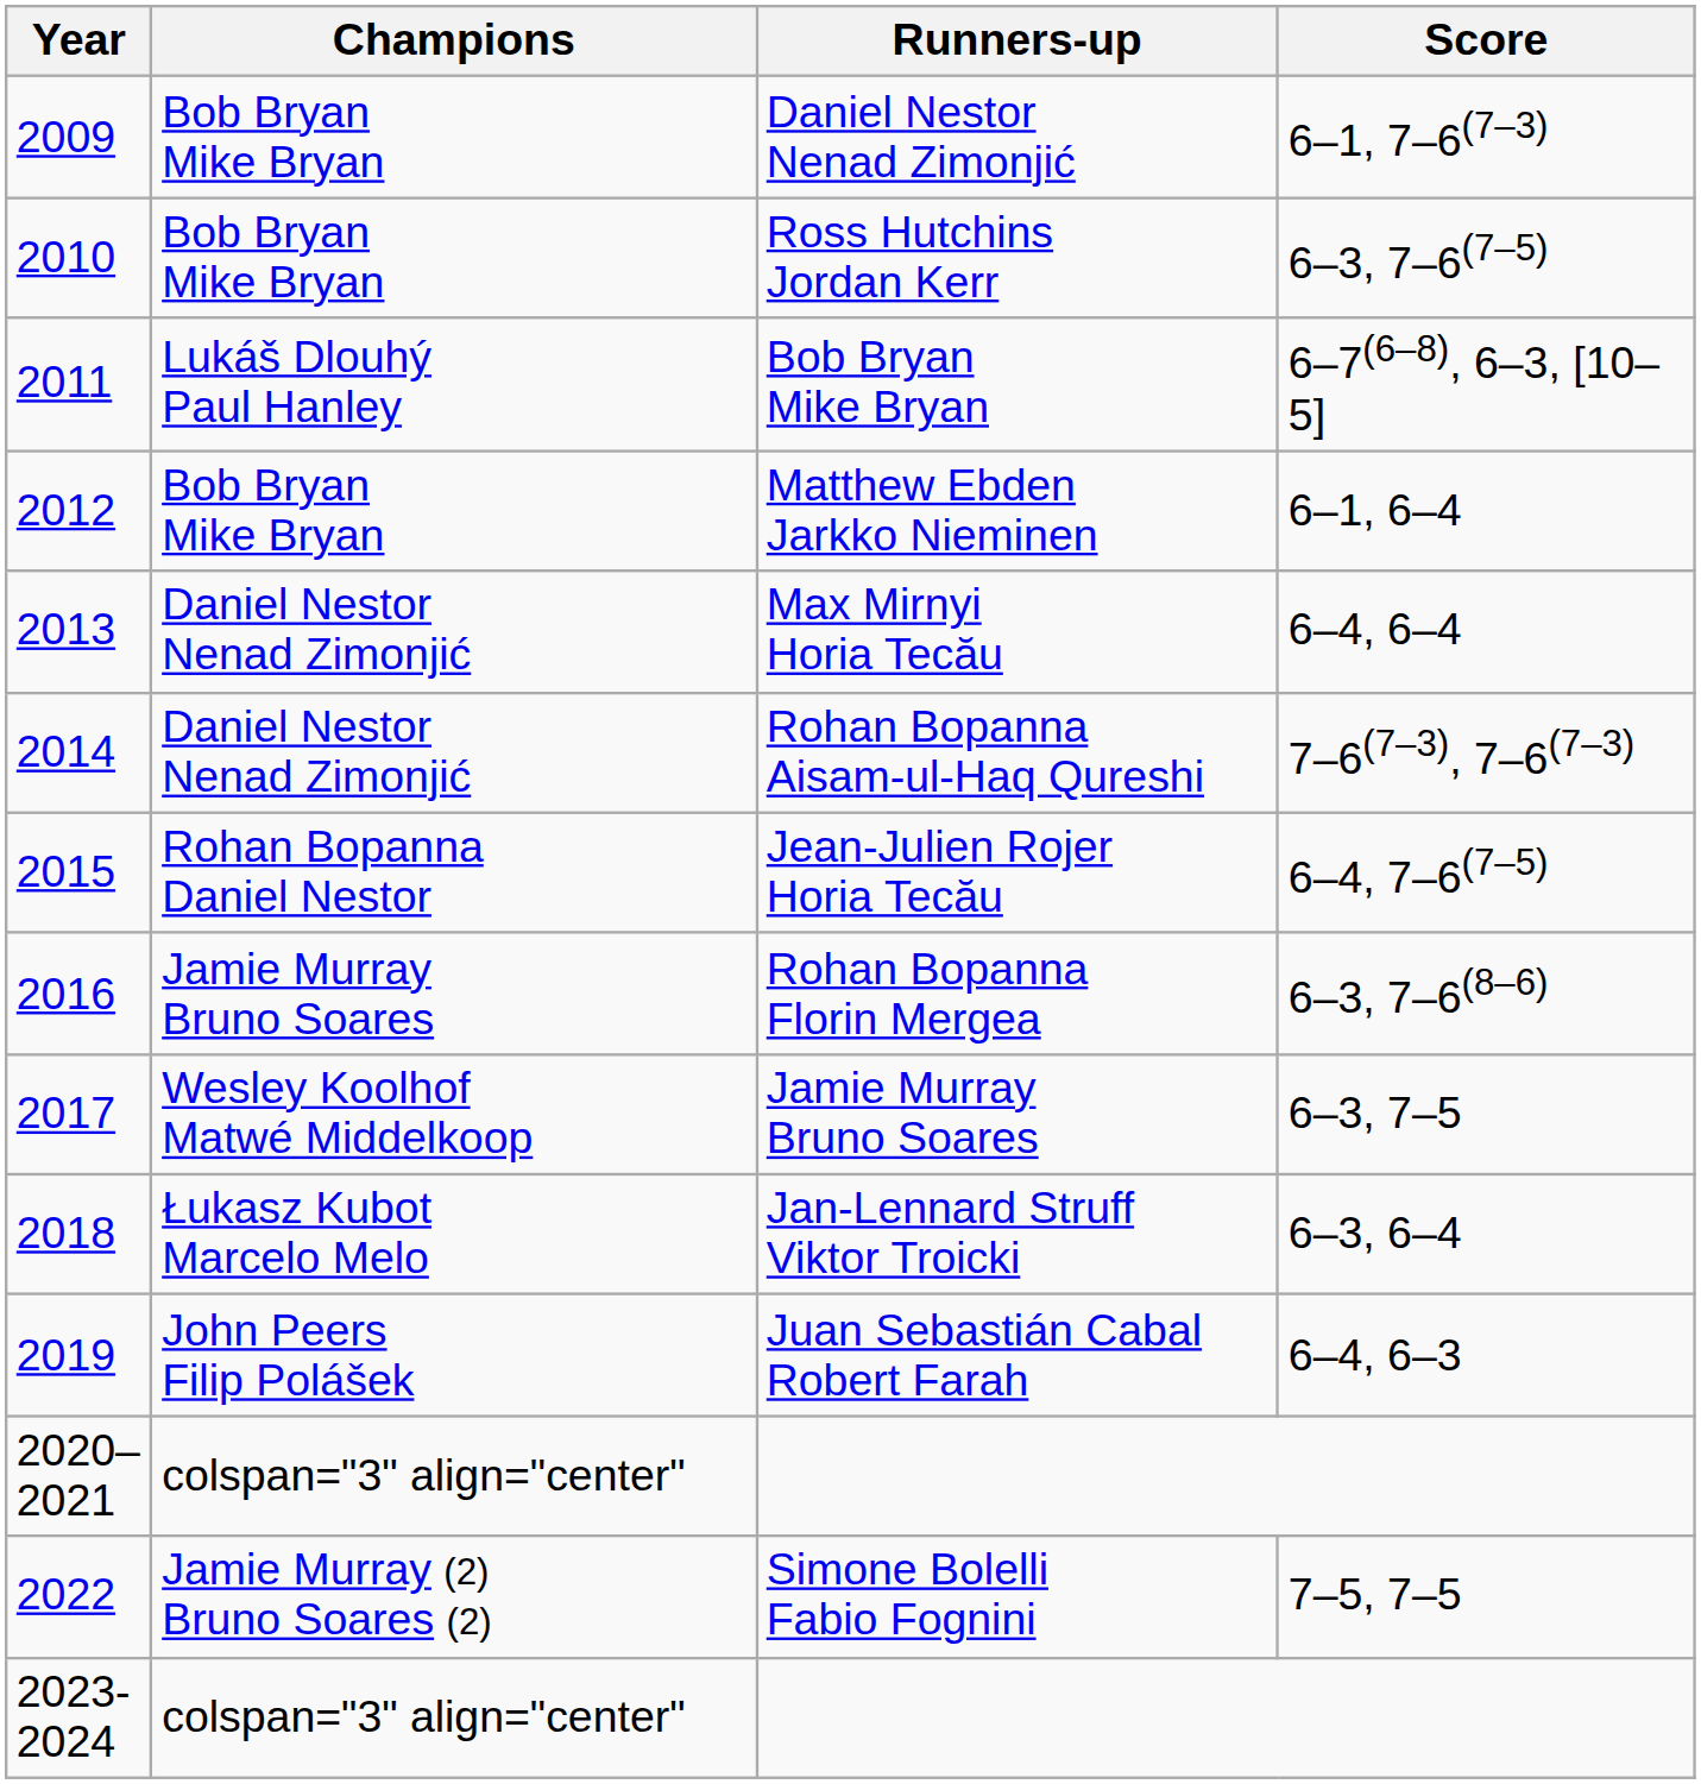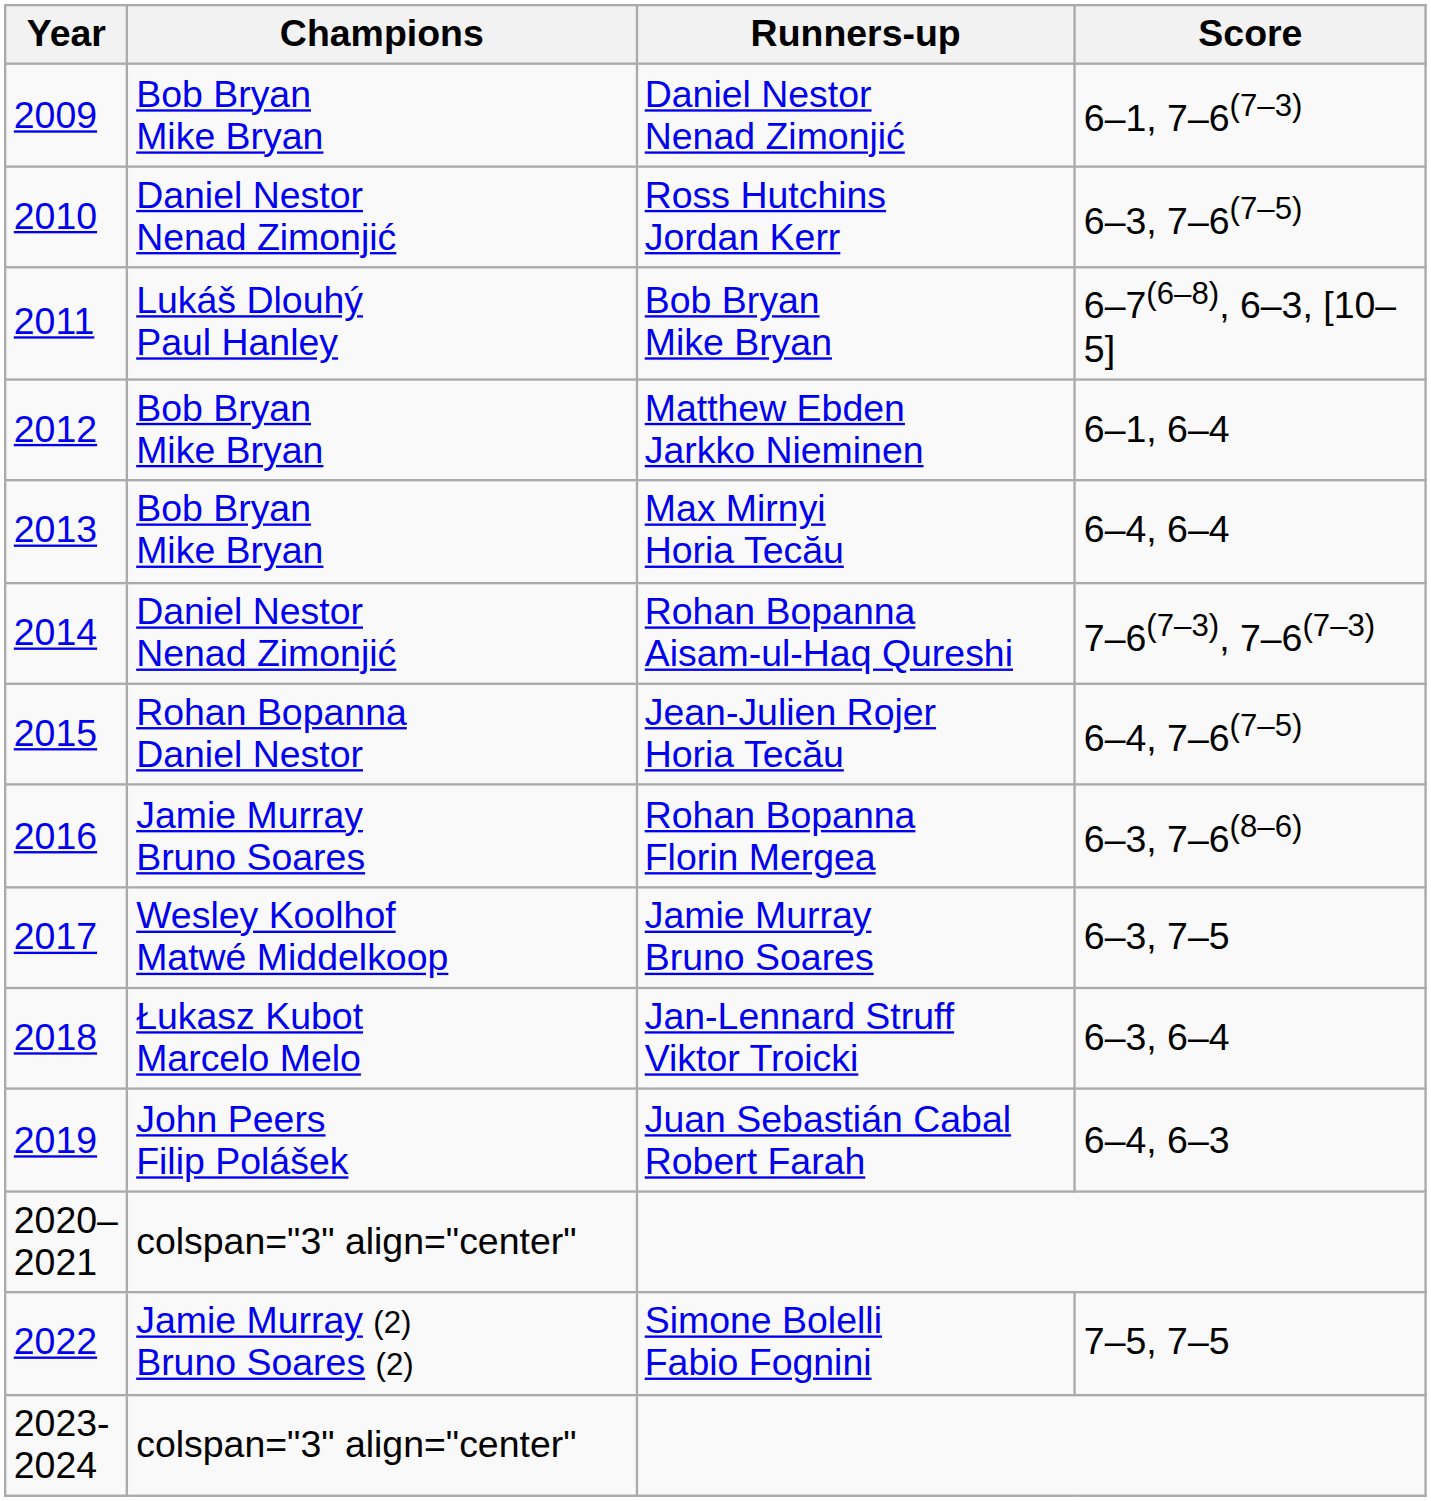 <table class="wikitable">
 <tr>
 <th style="width:45px">Year</th>
 <th style="width:230px">Champions</th>
 <th style="width:200px">Runners-up</th>
 <th style="width:160px" class="unsortable">Score</th>
 </tr>
 <tr>
 <td><a href='#'>2009</a></td>
 <td> <a href='#'>Bob Bryan</a><br> <a href='#'>Mike Bryan</a></td>
 <td> <a href='#'>Daniel Nestor</a><br> <a href='#'>Nenad Zimonjić</a></td>
 <td>6–1, 7–6<sup>(7–3)</sup></td>
 </tr>
 <tr>
 <td><a href='#'>2010</a></td>
-<td> <a href='#'>Bob Bryan</a><br> <a href='#'>Mike Bryan</a></td>
+<td> <a href='#'>Daniel Nestor</a><br> <a href='#'>Nenad Zimonjić</a></td>
 <td> <a href='#'>Ross Hutchins</a><br> <a href='#'>Jordan Kerr</a></td>
 <td>6–3, 7–6<sup>(7–5)</sup></td>
 </tr>
 <tr>
 <td><a href='#'>2011</a></td>
 <td> <a href='#'>Lukáš Dlouhý</a><br> <a href='#'>Paul Hanley</a></td>
 <td> <a href='#'>Bob Bryan</a><br> <a href='#'>Mike Bryan</a></td>
 <td>6–7<sup>(6–8)</sup>, 6–3, [10–5]</td>
 </tr>
 <tr>
 <td><a href='#'>2012</a></td>
 <td> <a href='#'>Bob Bryan</a><br> <a href='#'>Mike Bryan</a></td>
 <td> <a href='#'>Matthew Ebden</a><br> <a href='#'>Jarkko Nieminen</a></td>
 <td>6–1, 6–4</td>
 </tr>
 <tr>
 <td><a href='#'>2013</a></td>
-<td> <a href='#'>Daniel Nestor</a><br> <a href='#'>Nenad Zimonjić</a></td>
+<td> <a href='#'>Bob Bryan</a><br> <a href='#'>Mike Bryan</a></td>
 <td> <a href='#'>Max Mirnyi</a><br> <a href='#'>Horia Tecău</a></td>
 <td>6–4, 6–4</td>
 </tr>
 <tr>
 <td><a href='#'>2014</a></td>
 <td> <a href='#'>Daniel Nestor</a><br> <a href='#'>Nenad Zimonjić</a></td>
 <td> <a href='#'>Rohan Bopanna</a><br> <a href='#'>Aisam-ul-Haq Qureshi</a></td>
 <td>7–6<sup>(7–3)</sup>, 7–6<sup>(7–3)</sup></td>
 </tr>
 <tr>
 <td><a href='#'>2015</a></td>
 <td> <a href='#'>Rohan Bopanna</a><br> <a href='#'>Daniel Nestor</a></td>
 <td> <a href='#'>Jean-Julien Rojer</a><br> <a href='#'>Horia Tecău</a></td>
 <td>6–4, 7–6<sup>(7–5)</sup></td>
 </tr>
 <tr>
 <td><a href='#'>2016</a></td>
 <td> <a href='#'>Jamie Murray</a><br> <a href='#'>Bruno Soares</a></td>
 <td> <a href='#'>Rohan Bopanna</a><br> <a href='#'>Florin Mergea</a></td>
 <td>6–3, 7–6<sup>(8–6)</sup></td>
 </tr>
 <tr>
 <td><a href='#'>2017</a></td>
 <td> <a href='#'>Wesley Koolhof</a><br> <a href='#'>Matwé Middelkoop</a></td>
 <td> <a href='#'>Jamie Murray</a><br> <a href='#'>Bruno Soares</a></td>
 <td>6–3, 7–5</td>
 </tr>
 <tr>
 <td><a href='#'>2018</a></td>
 <td> <a href='#'>Łukasz Kubot</a><br> <a href='#'>Marcelo Melo</a></td>
 <td> <a href='#'>Jan-Lennard Struff</a><br> <a href='#'>Viktor Troicki</a></td>
 <td>6–3, 6–4</td>
 </tr>
 <tr>
 <td><a href='#'>2019</a></td>
 <td> <a href='#'>John Peers</a> <br>  <a href='#'>Filip Polášek</a></td>
 <td> <a href='#'>Juan Sebastián Cabal</a><br> <a href='#'>Robert Farah</a></td>
 <td>6–4, 6–3</td>
 </tr>
 <tr>
 <td>2020–2021</td>
 <td>colspan="3" align="center" </td>
 </tr>
 <tr>
 <td><a href='#'>2022</a></td>
 <td> <a href='#'>Jamie Murray</a> <small>(2)</small> <br> <a href='#'>Bruno Soares</a> <small>(2)</small></td>
 <td> <a href='#'>Simone Bolelli</a> <br>  <a href='#'>Fabio Fognini</a></td>
 <td>7–5, 7–5</td>
 </tr>
 <tr>
 <td>2023-2024</td>
 <td>colspan="3" align="center" </td>
 </tr>
 </table>
